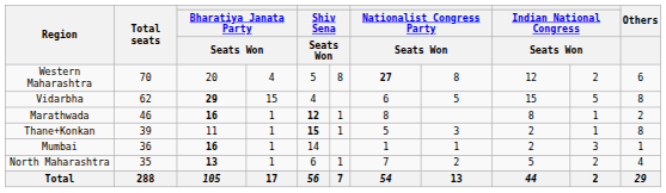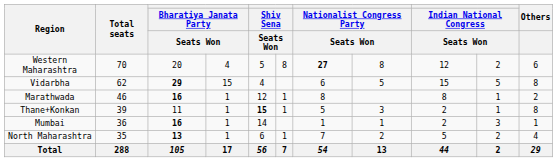 <table class="wikitable sortable" style="text-align:center;">
 <tr>
 <th rowspan="3">Region</th>
 <th rowspan="3">Total seats</th>
 <th colspan="2"></th>
 <th colspan="2"></th>
 <th colspan="2"></th>
 <th colspan="2"></th>
 <th rowspan="2">Others</th>
 </tr>
 <tr bgcolor="#cccccc">
 <th colspan="2"><a href='#'>Bharatiya Janata Party</a></th>
 <th colspan="2"><a href='#'>Shiv Sena</a></th>
 <th colspan="2"><a href='#'>Nationalist Congress Party</a></th>
 <th colspan="2"><a href='#'>Indian National Congress</a></th>
 </tr>
 <tr>
 <th colspan="2">Seats Won</th>
 <th colspan="2">Seats Won</th>
 <th colspan="2">Seats Won</th>
 <th colspan="2">Seats Won</th>
 <th></th>
 </tr>
 <tr>
 <td>Western Maharashtra</td>
 <td>70</td>
 <td>20</td>
 <td> 4</td>
 <td>5</td>
 <td> 8</td>
 <td><strong>27</strong></td>
 <td> 8</td>
 <td>12</td>
 <td> 2</td>
 <td>6</td>
 </tr>
 <tr>
 <td>Vidarbha</td>
 <td>62</td>
 <td><strong>29</strong></td>
 <td> 15</td>
 <td>4</td>
 <td></td>
 <td>6</td>
 <td> 5</td>
 <td>15</td>
 <td> 5</td>
 <td>8</td>
 </tr>
 <tr>
 <td>Marathwada</td>
 <td>46</td>
 <td><strong>16</strong></td>
 <td> 1</td>
-<td><strong>12</strong></td>
+<td>12</td>
 <td> 1</td>
 <td>8</td>
 <td></td>
 <td>8</td>
 <td> 1</td>
 <td>2</td>
 </tr>
 <tr>
 <td>Thane+Konkan</td>
 <td>39</td>
 <td>11</td>
 <td> 1</td>
 <td><strong>15</strong></td>
 <td> 1</td>
 <td>5</td>
 <td> 3</td>
 <td>2</td>
 <td> 1</td>
 <td>8</td>
 </tr>
 <tr>
 <td>Mumbai</td>
 <td>36</td>
 <td><strong>16</strong></td>
 <td> 1</td>
 <td>14</td>
 <td></td>
 <td>1</td>
 <td> 1</td>
 <td>2</td>
 <td> 3</td>
 <td>1</td>
 </tr>
 <tr>
 <td>North Maharashtra</td>
 <td>35</td>
 <td><strong>13</strong></td>
 <td> 1</td>
 <td>6</td>
 <td> 1</td>
 <td>7</td>
 <td> 2</td>
 <td>5</td>
 <td> 2</td>
 <td>4</td>
 </tr>
 <tr>
 <th><strong>Total</strong></th>
 <th><strong>288</strong></th>
 <th><strong><em>105</em></strong></th>
 <th> 17</th>
 <th><strong><em>56</em></strong></th>
 <th> 7</th>
 <th><strong><em>54</em></strong></th>
 <th> 13</th>
 <th><strong><em>44</em></strong></th>
 <th> 2</th>
 <th><strong><em>29</em></strong></th>
 </tr>
 </table>
